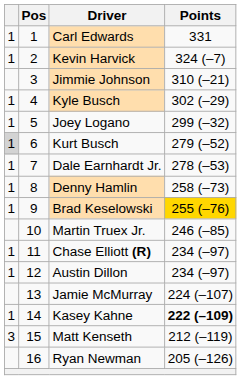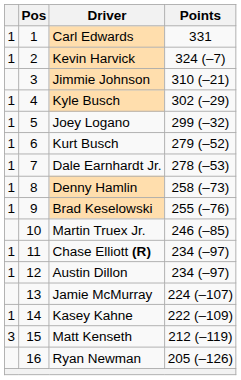 <table class="wikitable" style="font-size: 95%;">
 <tr>
 <th></th>
 <th>Pos</th>
 <th>Driver</th>
 <th>Points</th>
 </tr>
 <tr>
 <td align="left"> 1</td>
 <td style="text-align:center;">1</td>
 <td style="background:#FFDEAD;">Carl Edwards</td>
 <td style="text-align:center;">331</td>
 </tr>
 <tr>
 <td align="left"> 1</td>
 <td style="text-align:center;">2</td>
 <td style="background:#FFDEAD;">Kevin Harvick</td>
 <td style="text-align:center;">324 (–7)</td>
 </tr>
 <tr>
 <td align="left"></td>
 <td style="text-align:center;">3</td>
 <td style="background:#FFDEAD;">Jimmie Johnson</td>
 <td style="text-align:center;">310 (–21)</td>
 </tr>
 <tr>
 <td align="left"> 1</td>
 <td style="text-align:center;">4</td>
 <td style="background:#FFDEAD;">Kyle Busch</td>
 <td style="text-align:center;">302 (–29)</td>
 </tr>
 <tr>
 <td align="left"> 1</td>
 <td style="text-align:center;">5</td>
 <td>Joey Logano</td>
 <td style="text-align:center;">299 (–32)</td>
 </tr>
 <tr>
-<td align="left" style="background: lightgrey;"> 1</td>
+<td align="left"> 1</td>
 <td style="text-align:center;">6</td>
 <td>Kurt Busch</td>
 <td style="text-align:center;">279 (–52)</td>
 </tr>
 <tr>
 <td align="left"> 1</td>
 <td style="text-align:center;">7</td>
 <td>Dale Earnhardt Jr.</td>
 <td style="text-align:center;">278 (–53)</td>
 </tr>
 <tr>
 <td align="left"> 1</td>
 <td style="text-align:center;">8</td>
 <td style="background:#FFDEAD;">Denny Hamlin</td>
 <td style="text-align:center;">258 (–73)</td>
 </tr>
 <tr>
 <td align="left"> 1</td>
 <td style="text-align:center;">9</td>
 <td style="background:#FFDEAD;">Brad Keselowski</td>
-<td style="background: gold; text-align:center;">255 (–76)</td>
+<td style="text-align:center;">255 (–76)</td>
 </tr>
 <tr>
 <td align="left"></td>
 <td style="text-align:center;">10</td>
 <td>Martin Truex Jr.</td>
 <td style="text-align:center;">246 (–85)</td>
 </tr>
 <tr>
 <td align="left"> 1</td>
 <td style="text-align:center;">11</td>
 <td>Chase Elliott <strong>(R)</strong></td>
 <td style="text-align:center;">234 (–97)</td>
 </tr>
 <tr>
 <td align="left"> 1</td>
 <td style="text-align:center;">12</td>
 <td>Austin Dillon</td>
 <td style="text-align:center;">234 (–97)</td>
 </tr>
 <tr>
 <td align="left"></td>
 <td style="text-align:center;">13</td>
 <td>Jamie McMurray</td>
 <td style="text-align:center;">224 (–107)</td>
 </tr>
 <tr>
 <td align="left"> 1</td>
 <td style="text-align:center;">14</td>
 <td>Kasey Kahne</td>
-<td style="text-align:center;"><strong>222 (–109)</strong></td>
+<td style="text-align:center;">222 (–109)</td>
 </tr>
 <tr>
 <td align="left"> 3</td>
 <td style="text-align:center;">15</td>
 <td>Matt Kenseth</td>
 <td style="text-align:center;">212 (–119)</td>
 </tr>
 <tr>
 <td align="left"></td>
 <td style="text-align:center;">16</td>
 <td>Ryan Newman</td>
 <td style="text-align:center;">205 (–126)</td>
 </tr>
 <tr class="sortbottom">
 <th colspan="9"></th>
 </tr>
 </table>
